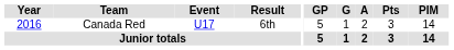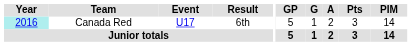 <table border="0" cellpadding="1" cellspacing="0" ID="Table3" style="text-align:center; width:40em">
 <tr ALIGN="center" bgcolor="#e0e0e0">
 <th>Year</th>
 <th>Team</th>
 <th>Event</th>
 <th>Result</th>
 <th rowspan="99" bgcolor="#ffffff"></th>
 <th>GP</th>
 <th>G</th>
 <th>A</th>
 <th>Pts</th>
 <th>PIM</th>
 </tr>
 <tr>
-<td><a href='#'>2016</a></td>
+<td style="background: paleturquoise;"><a href='#'>2016</a></td>
 <td>Canada Red</td>
 <td><a href='#'>U17</a></td>
 <td>6th</td>
 <td>5</td>
 <td>1</td>
 <td>2</td>
 <td>3</td>
 <td>14</td>
 </tr>
 <tr bgcolor="#e0e0e0">
 <th colspan="4">Junior totals</th>
 <th>5</th>
 <th>1</th>
 <th>2</th>
 <th>3</th>
 <th>14</th>
 </tr>
 </table>
